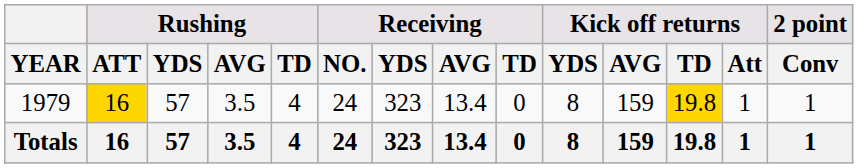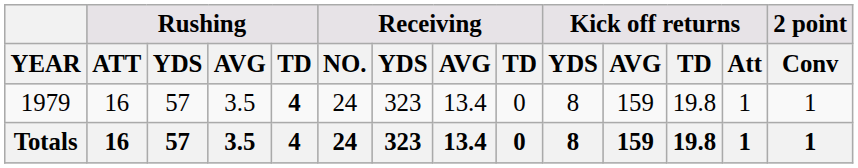 <table class=wikitable style="text-align:center">
 <tr>
 <th></th>
 <th colspan="4" style="background:#e7e3e7;">Rushing</th>
 <th colspan="4" style="background:#e7e3e7;">Receiving</th>
 <th colspan="4" style="background:#e7e3e7;">Kick off returns</th>
 <th colspan="1" style="background:#e7e3e7;">2 point</th>
 </tr>
 <tr>
 <th>YEAR</th>
 <th>ATT</th>
 <th>YDS</th>
 <th>AVG</th>
 <th>TD</th>
 <th>NO.</th>
 <th>YDS</th>
 <th>AVG</th>
 <th>TD</th>
 <th>YDS</th>
 <th>AVG</th>
 <th>TD</th>
 <th>Att</th>
 <th>Conv</th>
 </tr>
 <tr>
 <td>1979</td>
-<td style="background: gold;">16</td>
+<td>16</td>
 <td>57</td>
 <td>3.5</td>
-<td>4</td>
+<td><strong>4</strong></td>
 <td>24</td>
 <td>323</td>
 <td>13.4</td>
 <td 0>0</td>
 <td>8</td>
 <td>159</td>
-<td style="background: gold;">19.8</td>
+<td>19.8</td>
 <td>1</td>
 <td>1</td>
 </tr>
 <tr>
 <th>Totals</th>
 <th>16</th>
 <th>57</th>
 <th>3.5</th>
 <th>4</th>
 <th>24</th>
 <th>323</th>
 <th>13.4</th>
 <th>0</th>
 <th>8</th>
 <th>159</th>
 <th>19.8</th>
 <th>1</th>
 <th>1</th>
 </tr>
 </table>
